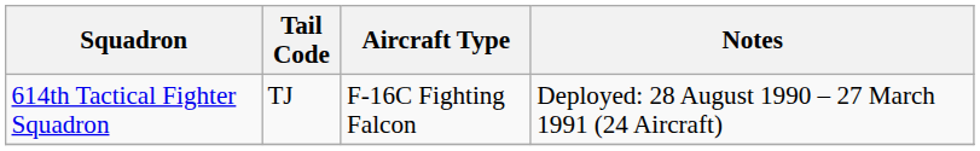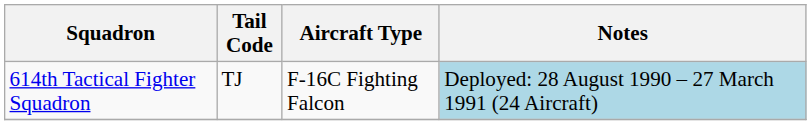 <table class="wikitable">
 <tr>
 <th scope="col" width="250">Squadron</th>
 <th scope="col" width="50">Tail Code</th>
 <th scope="col" width="175">Aircraft Type</th>
 <th scope="col" width="500">Notes</th>
 </tr>
 <tr valign="top">
 <td><a href='#'>614th Tactical Fighter Squadron</a></td>
 <td>TJ</td>
 <td>F-16C Fighting Falcon</td>
-<td>Deployed: 28 August 1990 – 27 March 1991 (24 Aircraft)</td>
+<td style="background: lightblue;">Deployed: 28 August 1990 – 27 March 1991 (24 Aircraft)</td>
 </tr>
 <tr>
 </tr>
 </table>
